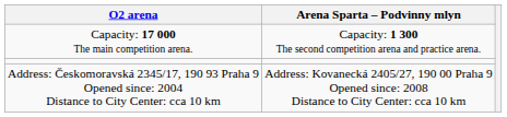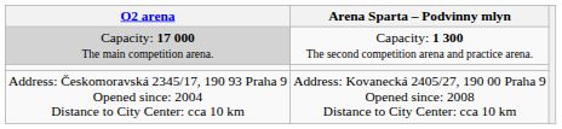 <table class="wikitable" style="text-align:center;">
 <tr>
 <th><a href='#'>O2 arena</a></th>
 <th>Arena Sparta – Podvinny mlyn</th>
 <th rowspan=4 colspan=1></th>
 </tr>
 <tr>
-<td>Capacity: <strong>17 000</strong><br><small>The main competition arena.</small></td>
+<td style="background: lightgrey;">Capacity: <strong>17 000</strong><br><small>The main competition arena.</small></td>
 <td>Capacity: <strong>1 300</strong><br><small>The second competition arena and practice arena.</small></td>
 </tr>
 <tr>
 <td></td>
 <td></td>
 </tr>
 <tr>
 <td>Address: Českomoravská 2345/17, 190 93 Praha 9<br>Opened since: 2004<br>Distance to City Center: cca 10 km</td>
 <td>Address: Kovanecká 2405/27, 190 00 Praha 9<br>Opened since: 2008<br>Distance to City Center: cca 10 km</td>
 </tr>
 </table>
